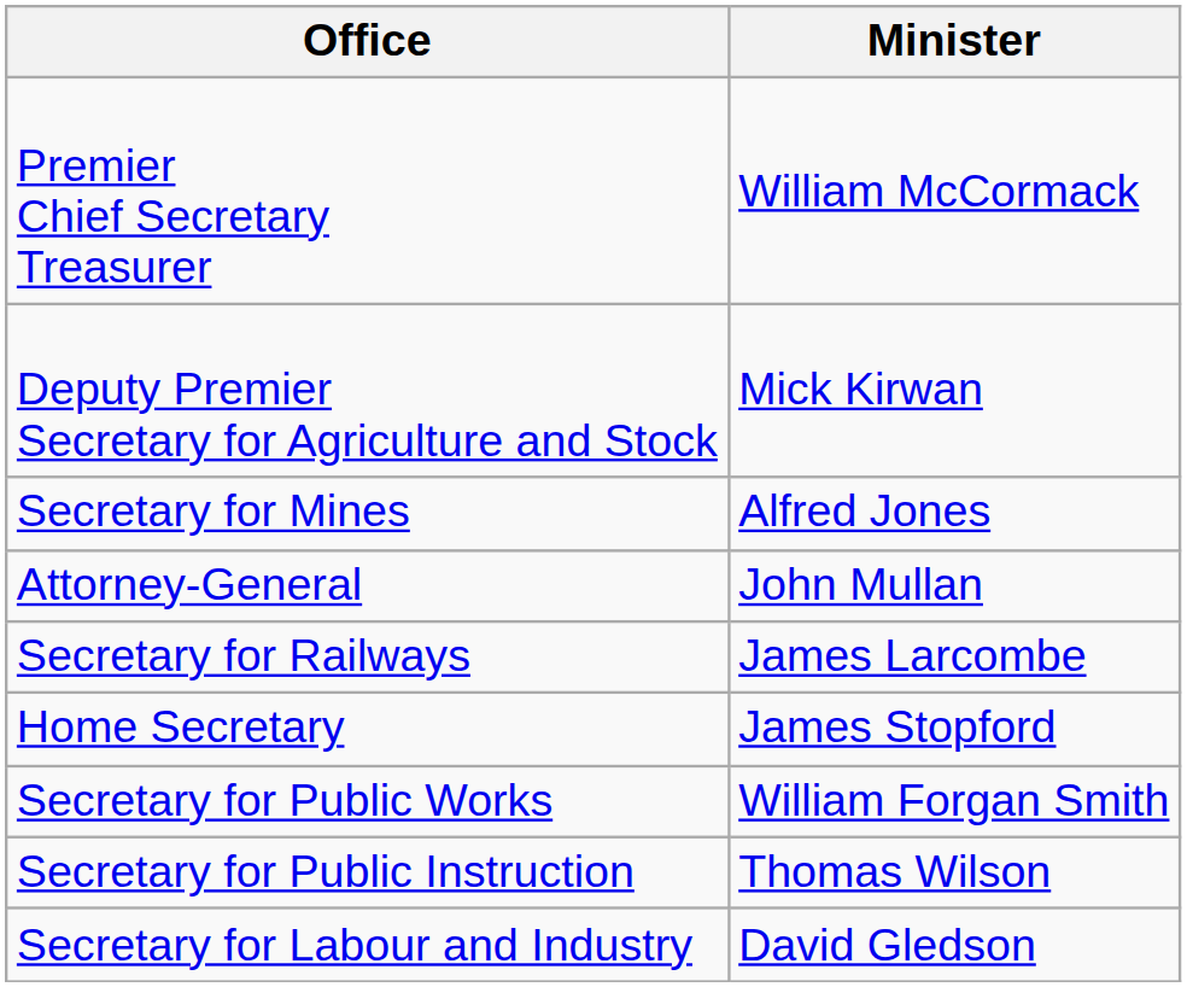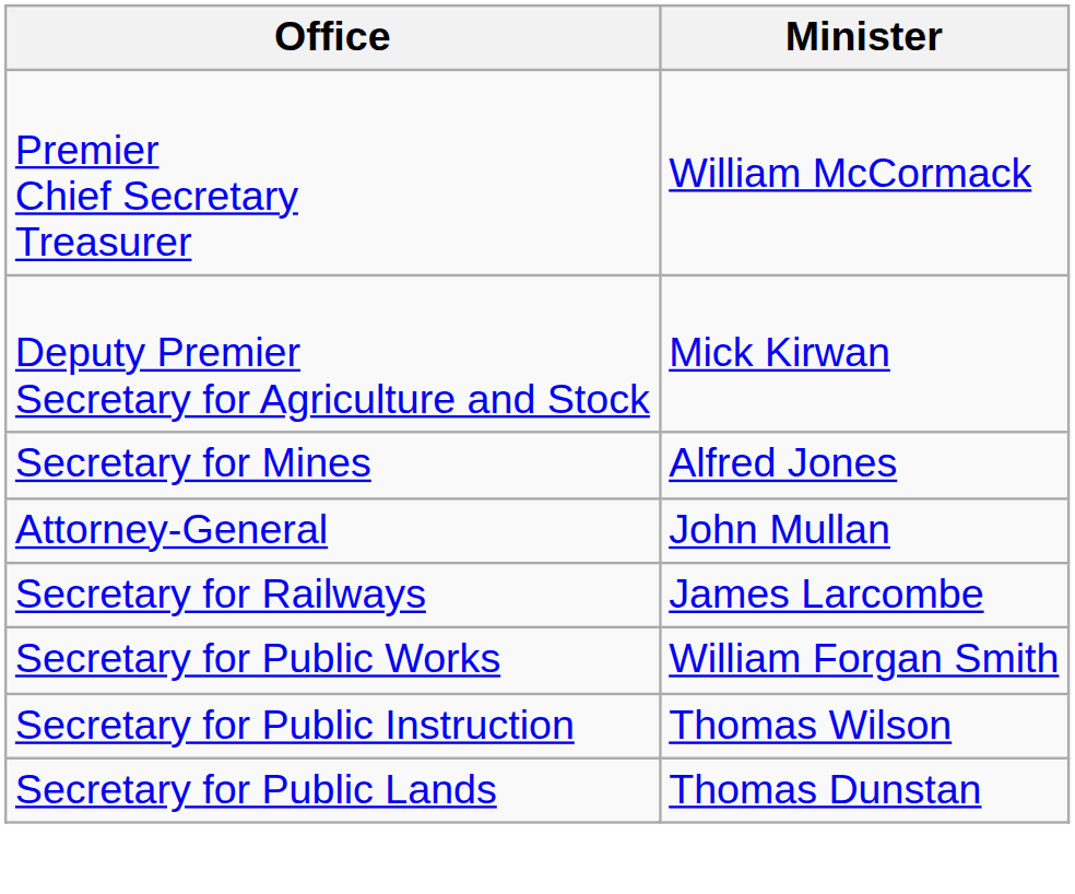 <table class="wikitable">
 <tr>
 <th>Office</th>
 <th>Minister</th>
 </tr>
 <tr>
 <td><br><a href='#'>Premier</a><br> <a href='#'>Chief Secretary</a><br> <a href='#'>Treasurer</a></td>
 <td><a href='#'>William McCormack</a></td>
 </tr>
 <tr>
 <td><br><a href='#'>Deputy Premier</a><br> <a href='#'>Secretary for Agriculture and Stock</a></td>
 <td><a href='#'>Mick Kirwan</a></td>
 </tr>
 <tr>
 <td><a href='#'>Secretary for Mines</a></td>
 <td><a href='#'>Alfred Jones</a></td>
 </tr>
 <tr>
 <td><a href='#'>Attorney-General</a></td>
 <td><a href='#'>John Mullan</a></td>
 </tr>
 <tr>
 <td><a href='#'>Secretary for Railways</a></td>
 <td><a href='#'>James Larcombe</a></td>
 </tr>
 <tr>
-<td><a href='#'>Home Secretary</a></td>
-<td><a href='#'>James Stopford</a></td>
-</tr>
-<tr>
 <td><a href='#'>Secretary for Public Works</a></td>
 <td><a href='#'>William Forgan Smith</a></td>
 </tr>
 <tr>
 <td><a href='#'>Secretary for Public Instruction</a><br></td>
 <td><a href='#'>Thomas Wilson</a></td>
 </tr>
 <tr>
-<td><a href='#'>Secretary for Labour and Industry</a></td>
-<td><a href='#'>David Gledson</a></td>
+<td><a href='#'>Secretary for Public Lands</a></td>
+<td><a href='#'>Thomas Dunstan</a></td>
 </tr>
 </table>
